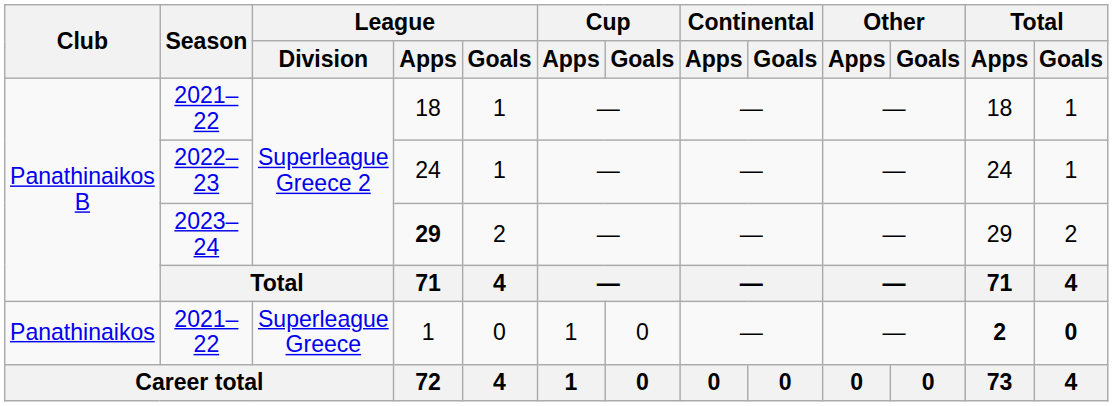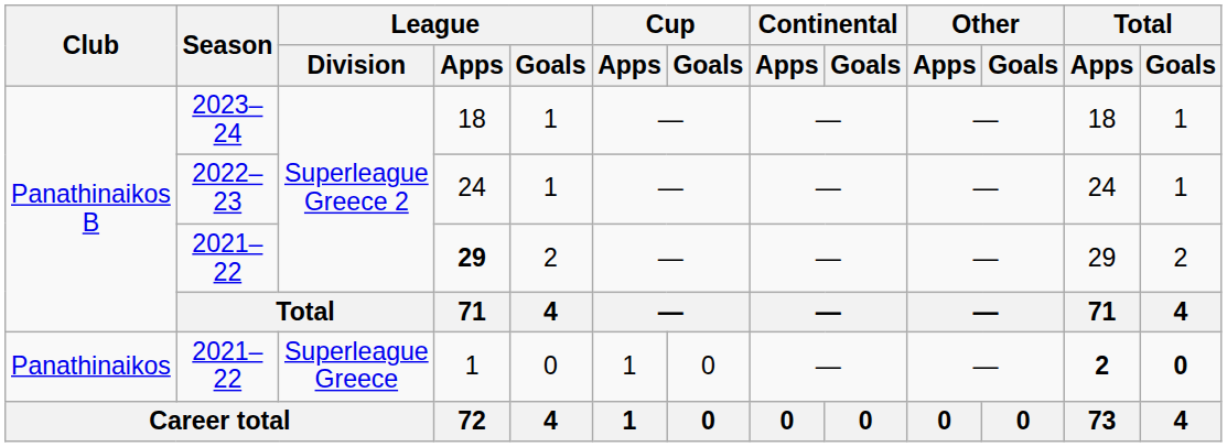 <table class="wikitable" style="text-align:center">
 <tr>
 <th rowspan=2>Club</th>
 <th rowspan=2>Season</th>
 <th colspan=3>League</th>
 <th colspan=2>Cup</th>
 <th colspan=2>Continental</th>
 <th colspan=2>Other</th>
 <th colspan=2>Total</th>
 </tr>
 <tr>
 <th>Division</th>
 <th>Apps</th>
 <th>Goals</th>
 <th>Apps</th>
 <th>Goals</th>
 <th>Apps</th>
 <th>Goals</th>
 <th>Apps</th>
 <th>Goals</th>
 <th>Apps</th>
 <th>Goals</th>
 </tr>
 <tr>
 <td rowspan="4"><a href='#'>Panathinaikos B</a></td>
-<td><a href='#'>2021–22</a></td>
+<td><a href='#'>2023–24</a></td>
 <td rowspan="3"><a href='#'>Superleague Greece 2</a></td>
 <td>18</td>
 <td>1</td>
 <td colspan="2">—</td>
 <td colspan="2">—</td>
 <td colspan="2">—</td>
 <td>18</td>
 <td>1</td>
 </tr>
 <tr>
 <td><a href='#'>2022–23</a></td>
 <td>24</td>
 <td>1</td>
 <td colspan="2">—</td>
 <td colspan="2">—</td>
 <td colspan="2">—</td>
 <td>24</td>
 <td>1</td>
 </tr>
 <tr>
-<td><a href='#'>2023–24</a></td>
+<td><a href='#'>2021–22</a></td>
 <td><strong>29</strong></td>
 <td>2</td>
 <td colspan="2">—</td>
 <td colspan="2">—</td>
 <td colspan="2">—</td>
 <td>29</td>
 <td>2</td>
 </tr>
 <tr>
 <th colspan="2">Total</th>
 <th>71</th>
 <th>4</th>
 <th colspan="2">—</th>
 <th colspan="2">—</th>
 <th colspan="2">—</th>
 <th>71</th>
 <th>4</th>
 </tr>
 <tr>
 <td><a href='#'>Panathinaikos</a></td>
 <td><a href='#'>2021–22</a></td>
 <td><a href='#'>Superleague Greece</a></td>
 <td>1</td>
 <td>0</td>
 <td>1</td>
 <td>0</td>
 <td colspan="2">—</td>
 <td colspan="2">—</td>
 <td><strong>2</strong></td>
 <td><strong>0</strong></td>
 </tr>
 <tr>
 <th colspan="3">Career total</th>
 <th>72</th>
 <th>4</th>
 <th>1</th>
 <th>0</th>
 <th>0</th>
 <th>0</th>
 <th>0</th>
 <th>0</th>
 <th>73</th>
 <th>4</th>
 </tr>
 </table>
